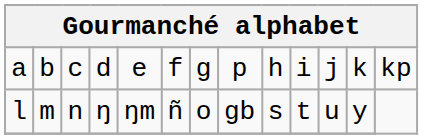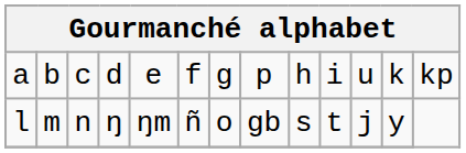 <table class="wikitable" style="text-align: center; vertical-align: middle;">
 <tr>
 <th colspan="27">Gourmanché alphabet</th>
 </tr>
 <tr ---->
 <td>a</td>
 <td>b</td>
 <td>c</td>
 <td>d</td>
 <td>e</td>
 <td>f</td>
 <td>g</td>
 <td>p</td>
 <td>h</td>
 <td>i</td>
-<td>j</td>
+<td>u</td>
 <td>k</td>
 <td>kp</td>
 </tr>
 <tr>
 <td>l</td>
 <td>m</td>
 <td>n</td>
 <td>ŋ</td>
 <td>ŋm</td>
 <td>ñ</td>
 <td>o</td>
 <td>gb</td>
 <td>s</td>
 <td>t</td>
-<td>u</td>
+<td>j</td>
 <td w>y</td>
 </tr>
 <tr ---->
 </tr>
 </table>
